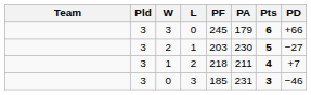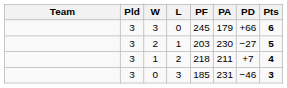 <table class=wikitable style="text-align:center">
 <tr>
 <th width=180>Team</th>
 <th width=30>Pld</th>
 <th width=30>W</th>
 <th width=30>L</th>
 <th width=30>PF</th>
 <th width=30>PA</th>
+<th width=30>PD</th>
 <th width=30>Pts</th>
-<th width=30>PD</th>
 </tr>
 <tr align=center>
 <td align=left></td>
 <td>3</td>
 <td>3</td>
 <td>0</td>
 <td>245</td>
 <td>179</td>
+<td>+66</td>
 <td><strong>6</strong></td>
-<td>+66</td>
 </tr>
 <tr align=center>
 <td align=left></td>
 <td>3</td>
 <td>2</td>
 <td>1</td>
 <td>203</td>
 <td>230</td>
+<td>−27</td>
 <td><strong>5</strong></td>
-<td>−27</td>
 </tr>
 <tr align=center>
 <td align=left></td>
 <td>3</td>
 <td>1</td>
 <td>2</td>
 <td>218</td>
 <td>211</td>
+<td>+7</td>
 <td><strong>4</strong></td>
-<td>+7</td>
 </tr>
 <tr align=center>
 <td align=left></td>
 <td>3</td>
 <td>0</td>
 <td>3</td>
 <td>185</td>
 <td>231</td>
+<td>−46</td>
 <td><strong>3</strong></td>
-<td>−46</td>
 </tr>
 </table>
